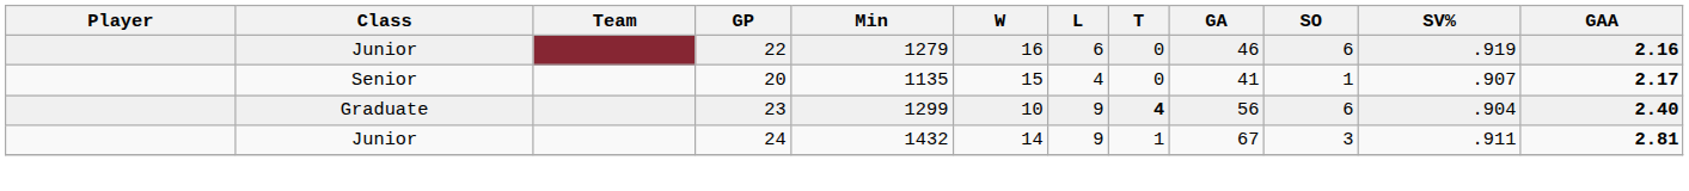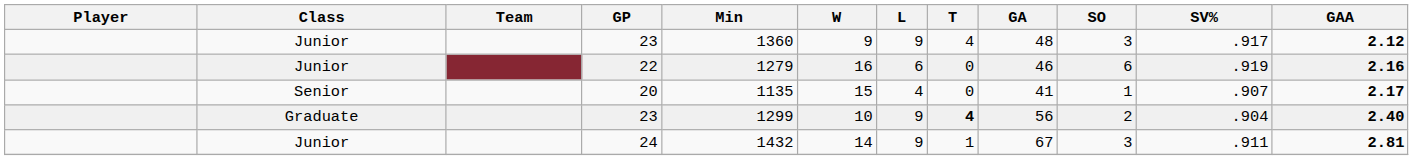 <table class="wikitable sortable" style="text-align: center; "width=60%">
 <tr>
 <th>Player</th>
 <th>Class</th>
 <th>Team</th>
 <th>GP</th>
 <th>Min</th>
 <th>W</th>
 <th>L</th>
 <th>T</th>
 <th>GA</th>
 <th>SO</th>
 <th>SV%</th>
 <th>GAA</th>
+</tr>
+<tr>
+<td style="text-align: left"></td>
+<td>Junior</td>
+<td><strong><a href='#'></a></strong></td>
+<td style="text-align: right">23</td>
+<td style="text-align: right">1360</td>
+<td style="text-align: right">9</td>
+<td style="text-align: right">9</td>
+<td style="text-align: right">4</td>
+<td style="text-align: right">48</td>
+<td style="text-align: right">3</td>
+<td style="text-align: right">.917</td>
+<td style="text-align: right"><strong>2.12</strong></td>
 </tr>
 <tr bgcolor=f0f0f0>
 <td style="text-align: left"></td>
 <td>Junior</td>
 <td style="color:white; background:#862633; "><strong><a href='#'></a></strong></td>
 <td style="text-align: right">22</td>
 <td style="text-align: right">1279</td>
 <td style="text-align: right">16</td>
 <td style="text-align: right">6</td>
 <td style="text-align: right">0</td>
 <td style="text-align: right">46</td>
 <td style="text-align: right">6</td>
 <td style="text-align: right">.919</td>
 <td style="text-align: right"><strong>2.16</strong></td>
 </tr>
 <tr>
 <td style="text-align: left"></td>
 <td>Senior</td>
 <td><strong><a href='#'></a></strong></td>
 <td style="text-align: right">20</td>
 <td style="text-align: right">1135</td>
 <td style="text-align: right">15</td>
 <td style="text-align: right">4</td>
 <td style="text-align: right">0</td>
 <td style="text-align: right">41</td>
 <td style="text-align: right">1</td>
 <td style="text-align: right">.907</td>
 <td style="text-align: right"><strong>2.17</strong></td>
 </tr>
 <tr bgcolor=f0f0f0>
 <td style="text-align: left"></td>
 <td>Graduate</td>
 <td><strong><a href='#'></a></strong></td>
 <td style="text-align: right">23</td>
 <td style="text-align: right">1299</td>
 <td style="text-align: right">10</td>
 <td style="text-align: right">9</td>
 <td style="text-align: right"><strong>4</strong></td>
 <td style="text-align: right">56</td>
-<td style="text-align: right">6</td>
+<td style="text-align: right">2</td>
 <td style="text-align: right">.904</td>
 <td style="text-align: right"><strong>2.40</strong></td>
 </tr>
 <tr>
 <td style="text-align: left"></td>
 <td>Junior</td>
 <td><strong><a href='#'></a></strong></td>
 <td style="text-align: right">24</td>
 <td style="text-align: right">1432</td>
 <td style="text-align: right">14</td>
 <td style="text-align: right">9</td>
 <td style="text-align: right">1</td>
 <td style="text-align: right">67</td>
 <td style="text-align: right">3</td>
 <td style="text-align: right">.911</td>
 <td style="text-align: right"><strong>2.81</strong></td>
 </tr>
 <tr>
 </tr>
 </table>
